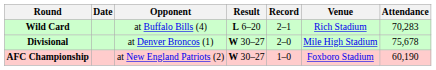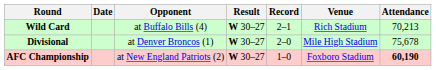 <table class="wikitable" style="text-align:center">
 <tr>
 <th>Round</th>
 <th>Date</th>
 <th>Opponent</th>
 <th>Result</th>
 <th>Record</th>
 <th>Venue</th>
 <th>Attendance</th>
 </tr>
 <tr style="background:#cfc;">
 <td><strong>Wild Card</strong></td>
 <td></td>
 <td>at <a href='#'>Buffalo Bills</a> (4)</td>
-<td><strong>L</strong> 6–20</td>
+<td><strong>W</strong> 30–27</td>
 <td>2–1</td>
 <td><a href='#'>Rich Stadium</a></td>
-<td>70,283</td>
+<td>70,213</td>
 </tr>
 <tr style="background:#cfc;">
 <td><strong>Divisional</strong></td>
 <td></td>
 <td>at <a href='#'>Denver Broncos</a> (1)</td>
 <td><strong>W</strong> 30–27</td>
 <td>2–0</td>
 <td><a href='#'>Mile High Stadium</a></td>
 <td>75,678</td>
 </tr>
 <tr style="background:#fcc;">
 <td><strong>AFC Championship</strong></td>
 <td></td>
 <td>at <a href='#'>New England Patriots</a> (2)</td>
 <td><strong>W</strong> 30–27</td>
 <td>1–0</td>
 <td><a href='#'>Foxboro Stadium</a></td>
-<td>60,190</td>
+<td><strong>60,190</strong></td>
 </tr>
 </table>
